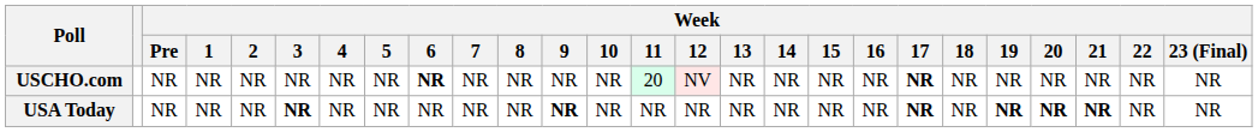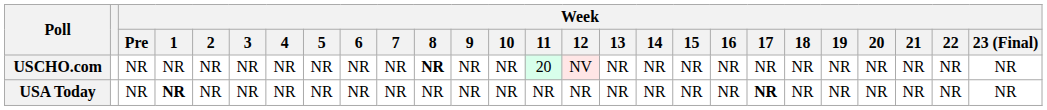 <table class="wikitable" style="white-space:nowrap;">
 <tr>
 <th scope="col" width="100" rowspan="2">Poll</th>
 <th rowspan="2"></th>
 <th colspan="25">Week</th>
 </tr>
 <tr>
 <th scope="col" width="30">Pre</th>
 <th scope="col" width="30">1</th>
 <th scope="col" width="30">2</th>
 <th scope="col" width="30">3</th>
 <th scope="col" width="30">4</th>
 <th scope="col" width="30">5</th>
 <th scope="col" width="30">6</th>
 <th scope="col" width="30">7</th>
 <th scope="col" width="30">8</th>
 <th scope="col" width="30">9</th>
 <th scope="col" width="30">10</th>
 <th scope="col" width="30">11</th>
 <th scope="col" width="30">12</th>
 <th scope="col" width="30">13</th>
 <th scope="col" width="30">14</th>
 <th scope="col" width="30">15</th>
 <th scope="col" width="30">16</th>
 <th scope="col" width="30">17</th>
 <th scope="col" width="30">18</th>
 <th scope="col" width="30">19</th>
 <th scope="col" width="30">20</th>
 <th scope="col" width="30">21</th>
 <th scope="col" width="30">22</th>
 <th scope="col" width="30">23 (Final)</th>
 </tr>
 <tr style="text-align:center;">
 <th>USCHO.com</th>
 <td bgcolor=FFFFFF></td>
 <td bgcolor=FFFFFF>NR</td>
 <td bgcolor=FFFFFF>NR</td>
 <td bgcolor=FFFFFF>NR</td>
 <td bgcolor=FFFFFF>NR</td>
 <td bgcolor=FFFFFF>NR</td>
 <td bgcolor=FFFFFF>NR</td>
+<td bgcolor=FFFFFF>NR</td>
+<td bgcolor=FFFFFF>NR</td>
+<td bgcolor=FFFFFF><strong>NR</strong></td>
+<td bgcolor=FFFFFF>NR</td>
+<td bgcolor=FFFFFF>NR</td>
+<td bgcolor=D8FFEB>20</td>
+<td bgcolor=FFE6E6>NV</td>
+<td bgcolor=FFFFFF>NR</td>
+<td bgcolor=FFFFFF>NR</td>
+<td bgcolor=FFFFFF>NR</td>
+<td bgcolor=FFFFFF>NR</td>
+<td bgcolor=FFFFFF>NR</td>
+<td bgcolor=FFFFFF>NR</td>
+<td bgcolor=FFFFFF>NR</td>
+<td bgcolor=FFFFFF>NR</td>
+<td bgcolor=FFFFFF>NR</td>
+<td bgcolor=FFFFFF>NR</td>
+<td bgcolor=FFFFFF>NR</td>
+</tr>
+<tr style="text-align:center;">
+<th>USA Today</th>
+<td bgcolor=FFFFFF></td>
+<td bgcolor=FFFFFF>NR</td>
 <td bgcolor=FFFFFF><strong>NR</strong></td>
 <td bgcolor=FFFFFF>NR</td>
 <td bgcolor=FFFFFF>NR</td>
 <td bgcolor=FFFFFF>NR</td>
 <td bgcolor=FFFFFF>NR</td>
-<td bgcolor=D8FFEB>20</td>
-<td bgcolor=FFE6E6>NV</td>
+<td bgcolor=FFFFFF>NR</td>
+<td bgcolor=FFFFFF>NR</td>
+<td bgcolor=FFFFFF>NR</td>
+<td bgcolor=FFFFFF>NR</td>
+<td bgcolor=FFFFFF>NR</td>
+<td bgcolor=FFFFFF>NR</td>
+<td bgcolor=FFFFFF>NR</td>
 <td bgcolor=FFFFFF>NR</td>
 <td bgcolor=FFFFFF>NR</td>
 <td bgcolor=FFFFFF>NR</td>
 <td bgcolor=FFFFFF>NR</td>
 <td bgcolor=FFFFFF><strong>NR</strong></td>
 <td bgcolor=FFFFFF>NR</td>
 <td bgcolor=FFFFFF>NR</td>
 <td bgcolor=FFFFFF>NR</td>
 <td bgcolor=FFFFFF>NR</td>
 <td bgcolor=FFFFFF>NR</td>
 <td bgcolor=FFFFFF>NR</td>
 </tr>
-<tr style="text-align:center;">
-<th>USA Today</th>
-<td bgcolor=FFFFFF></td>
-<td bgcolor=FFFFFF>NR</td>
-<td bgcolor=FFFFFF>NR</td>
-<td bgcolor=FFFFFF>NR</td>
-<td bgcolor=FFFFFF><strong>NR</strong></td>
-<td bgcolor=FFFFFF>NR</td>
-<td bgcolor=FFFFFF>NR</td>
-<td bgcolor=FFFFFF>NR</td>
-<td bgcolor=FFFFFF>NR</td>
-<td bgcolor=FFFFFF>NR</td>
-<td bgcolor=FFFFFF><strong>NR</strong></td>
-<td bgcolor=FFFFFF>NR</td>
-<td bgcolor=FFFFFF>NR</td>
-<td bgcolor=FFFFFF>NR</td>
-<td bgcolor=FFFFFF>NR</td>
-<td bgcolor=FFFFFF>NR</td>
-<td bgcolor=FFFFFF>NR</td>
-<td bgcolor=FFFFFF>NR</td>
-<td bgcolor=FFFFFF><strong>NR</strong></td>
-<td bgcolor=FFFFFF>NR</td>
-<td bgcolor=FFFFFF><strong>NR</strong></td>
-<td bgcolor=FFFFFF><strong>NR</strong></td>
-<td bgcolor=FFFFFF><strong>NR</strong></td>
-<td bgcolor=FFFFFF>NR</td>
-<td bgcolor=FFFFFF>NR</td>
-</tr>
 </table>
